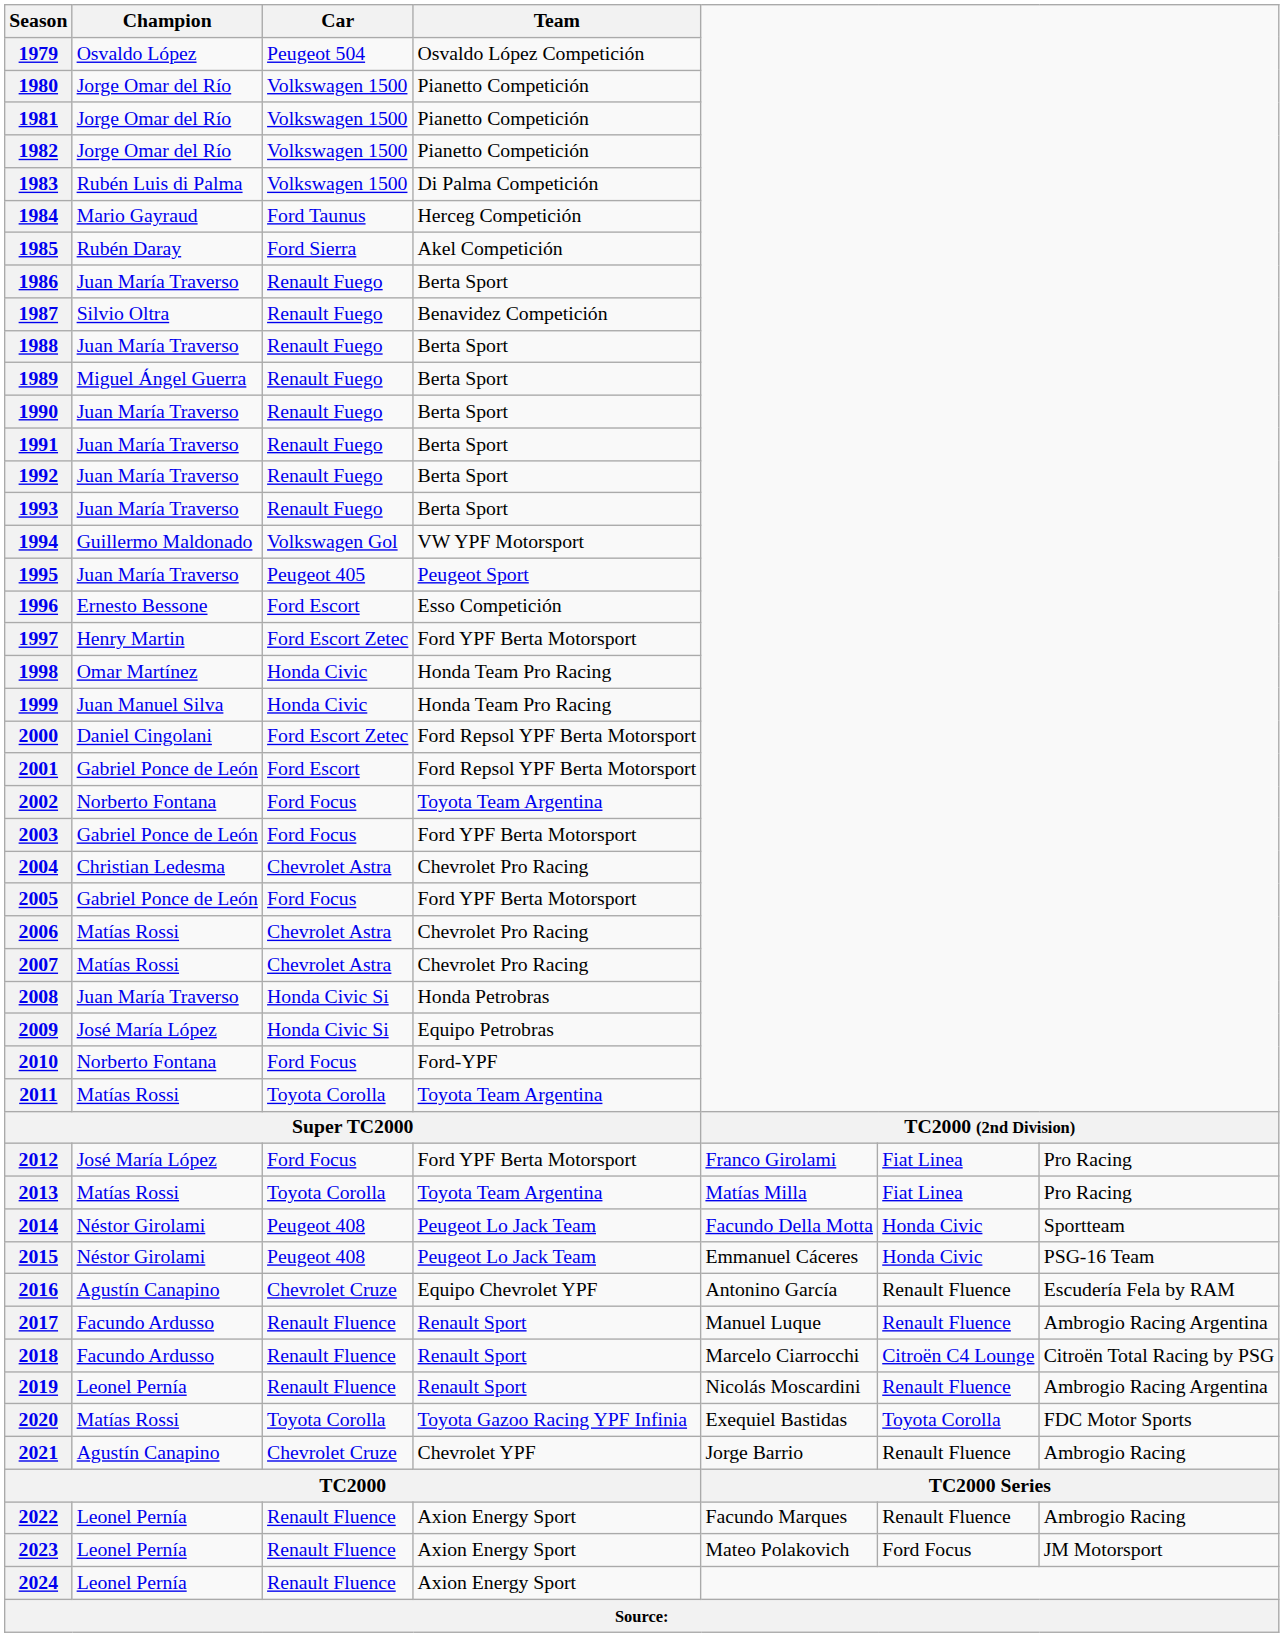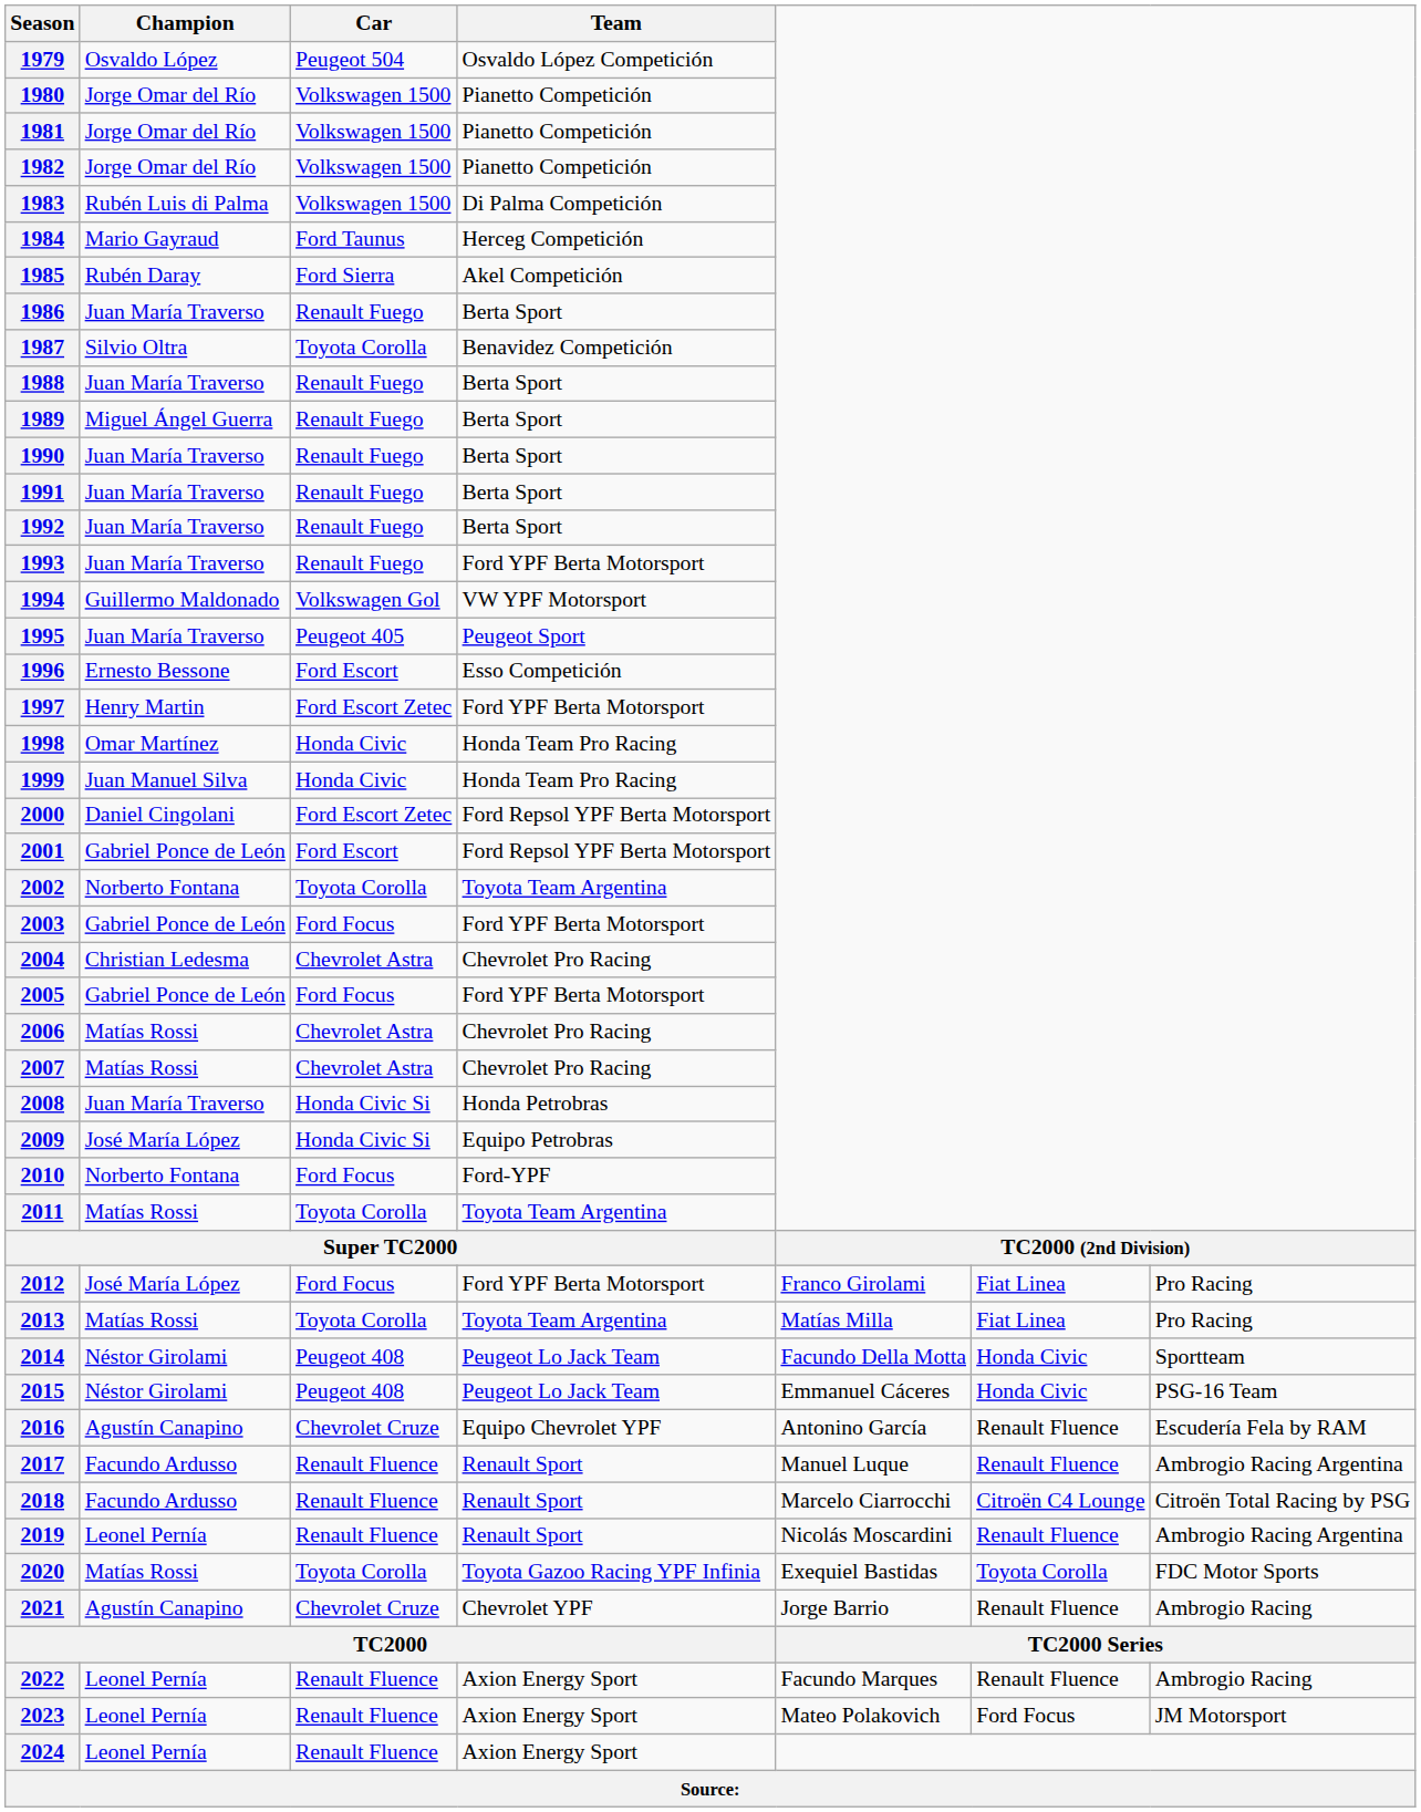 <table class="wikitable" style="font-size:90%">
 <tr>
 <th>Season</th>
 <th>Champion</th>
 <th>Car</th>
 <th>Team</th>
 </tr>
 <tr>
 <th><a href='#'>1979</a></th>
 <td> <a href='#'>Osvaldo López</a></td>
 <td><a href='#'>Peugeot 504</a></td>
 <td>Osvaldo López Competición</td>
 </tr>
 <tr>
 <th><a href='#'>1980</a></th>
 <td> <a href='#'>Jorge Omar del Río</a></td>
 <td><a href='#'>Volkswagen 1500</a></td>
 <td>Pianetto Competición</td>
 </tr>
 <tr>
 <th><a href='#'>1981</a></th>
 <td> <a href='#'>Jorge Omar del Río</a></td>
 <td><a href='#'>Volkswagen 1500</a></td>
 <td>Pianetto Competición</td>
 </tr>
 <tr>
 <th><a href='#'>1982</a></th>
 <td> <a href='#'>Jorge Omar del Río</a></td>
 <td><a href='#'>Volkswagen 1500</a></td>
 <td>Pianetto Competición</td>
 </tr>
 <tr>
 <th><a href='#'>1983</a></th>
 <td> <a href='#'>Rubén Luis di Palma</a></td>
 <td><a href='#'>Volkswagen 1500</a></td>
 <td>Di Palma Competición</td>
 </tr>
 <tr>
 <th><a href='#'>1984</a></th>
 <td> <a href='#'>Mario Gayraud</a></td>
 <td><a href='#'>Ford Taunus</a></td>
 <td>Herceg Competición</td>
 </tr>
 <tr>
 <th><a href='#'>1985</a></th>
 <td> <a href='#'>Rubén Daray</a></td>
 <td><a href='#'>Ford Sierra</a></td>
 <td>Akel Competición</td>
 </tr>
 <tr>
 <th><a href='#'>1986</a></th>
 <td> <a href='#'>Juan María Traverso</a></td>
 <td><a href='#'>Renault Fuego</a></td>
 <td>Berta Sport</td>
 </tr>
 <tr>
 <th><a href='#'>1987</a></th>
 <td> <a href='#'>Silvio Oltra</a></td>
-<td><a href='#'>Renault Fuego</a></td>
+<td><a href='#'>Toyota Corolla</a></td>
 <td>Benavidez Competición</td>
 </tr>
 <tr>
 <th><a href='#'>1988</a></th>
 <td> <a href='#'>Juan María Traverso</a></td>
 <td><a href='#'>Renault Fuego</a></td>
 <td>Berta Sport</td>
 </tr>
 <tr>
 <th><a href='#'>1989</a></th>
 <td> <a href='#'>Miguel Ángel Guerra</a></td>
 <td><a href='#'>Renault Fuego</a></td>
 <td>Berta Sport</td>
 </tr>
 <tr>
 <th><a href='#'>1990</a></th>
 <td> <a href='#'>Juan María Traverso</a></td>
 <td><a href='#'>Renault Fuego</a></td>
 <td>Berta Sport</td>
 </tr>
 <tr>
 <th><a href='#'>1991</a></th>
 <td> <a href='#'>Juan María Traverso</a></td>
 <td><a href='#'>Renault Fuego</a></td>
 <td>Berta Sport</td>
 </tr>
 <tr>
 <th><a href='#'>1992</a></th>
 <td> <a href='#'>Juan María Traverso</a></td>
 <td><a href='#'>Renault Fuego</a></td>
 <td>Berta Sport</td>
 </tr>
 <tr>
 <th><a href='#'>1993</a></th>
 <td> <a href='#'>Juan María Traverso</a></td>
 <td><a href='#'>Renault Fuego</a></td>
-<td>Berta Sport</td>
+<td>Ford YPF Berta Motorsport</td>
 </tr>
 <tr>
 <th><a href='#'>1994</a></th>
 <td> <a href='#'>Guillermo Maldonado</a></td>
 <td><a href='#'>Volkswagen Gol</a></td>
 <td>VW YPF Motorsport</td>
 </tr>
 <tr>
 <th><a href='#'>1995</a></th>
 <td> <a href='#'>Juan María Traverso</a></td>
 <td><a href='#'>Peugeot 405</a></td>
 <td><a href='#'>Peugeot Sport</a></td>
 </tr>
 <tr>
 <th><a href='#'>1996</a></th>
 <td> <a href='#'>Ernesto Bessone</a></td>
 <td><a href='#'>Ford Escort</a></td>
 <td>Esso Competición</td>
 </tr>
 <tr>
 <th><a href='#'>1997</a></th>
 <td> <a href='#'>Henry Martin</a></td>
 <td><a href='#'>Ford Escort Zetec</a></td>
 <td>Ford YPF Berta Motorsport</td>
 </tr>
 <tr>
 <th><a href='#'>1998</a></th>
 <td> <a href='#'>Omar Martínez</a></td>
 <td><a href='#'>Honda Civic</a></td>
 <td>Honda Team Pro Racing</td>
 </tr>
 <tr>
 <th><a href='#'>1999</a></th>
 <td> <a href='#'>Juan Manuel Silva</a></td>
 <td><a href='#'>Honda Civic</a></td>
 <td>Honda Team Pro Racing</td>
 </tr>
 <tr>
 <th><a href='#'>2000</a></th>
 <td> <a href='#'>Daniel Cingolani</a></td>
 <td><a href='#'>Ford Escort Zetec</a></td>
 <td>Ford Repsol YPF Berta Motorsport</td>
 </tr>
 <tr>
 <th><a href='#'>2001</a></th>
 <td> <a href='#'>Gabriel Ponce de León</a></td>
 <td><a href='#'>Ford Escort</a></td>
 <td>Ford Repsol YPF Berta Motorsport</td>
 </tr>
 <tr>
 <th><a href='#'>2002</a></th>
 <td> <a href='#'>Norberto Fontana</a></td>
-<td><a href='#'>Ford Focus</a></td>
+<td><a href='#'>Toyota Corolla</a></td>
 <td><a href='#'>Toyota Team Argentina</a></td>
 </tr>
 <tr>
 <th><a href='#'>2003</a></th>
 <td> <a href='#'>Gabriel Ponce de León</a></td>
 <td><a href='#'>Ford Focus</a></td>
 <td>Ford YPF Berta Motorsport</td>
 </tr>
 <tr>
 <th><a href='#'>2004</a></th>
 <td> <a href='#'>Christian Ledesma</a></td>
 <td><a href='#'>Chevrolet Astra</a></td>
 <td>Chevrolet Pro Racing</td>
 </tr>
 <tr>
 <th><a href='#'>2005</a></th>
 <td> <a href='#'>Gabriel Ponce de León</a></td>
 <td><a href='#'>Ford Focus</a></td>
 <td>Ford YPF Berta Motorsport</td>
 </tr>
 <tr>
 <th><a href='#'>2006</a></th>
 <td> <a href='#'>Matías Rossi</a></td>
 <td><a href='#'>Chevrolet Astra</a></td>
 <td>Chevrolet Pro Racing</td>
 </tr>
 <tr>
 <th><a href='#'>2007</a></th>
 <td> <a href='#'>Matías Rossi</a></td>
 <td><a href='#'>Chevrolet Astra</a></td>
 <td>Chevrolet Pro Racing</td>
 </tr>
 <tr>
 <th><a href='#'>2008</a></th>
 <td> <a href='#'>Juan María Traverso</a></td>
 <td><a href='#'>Honda Civic Si</a></td>
 <td>Honda Petrobras</td>
 </tr>
 <tr>
 <th><a href='#'>2009</a></th>
 <td> <a href='#'>José María López</a></td>
 <td><a href='#'>Honda Civic Si</a></td>
 <td>Equipo Petrobras</td>
 </tr>
 <tr>
 <th><a href='#'>2010</a></th>
 <td> <a href='#'>Norberto Fontana</a></td>
 <td><a href='#'>Ford Focus</a></td>
 <td>Ford-YPF</td>
 </tr>
 <tr>
 <th><a href='#'>2011</a></th>
 <td> <a href='#'>Matías Rossi</a></td>
 <td><a href='#'>Toyota Corolla</a></td>
 <td><a href='#'>Toyota Team Argentina</a></td>
 </tr>
 <tr>
 <th colspan="4">Super TC2000</th>
 <th colspan="3">TC2000 <small>(2nd Division)</small></th>
 </tr>
 <tr>
 <th><a href='#'>2012</a></th>
 <td> <a href='#'>José María López</a></td>
 <td><a href='#'>Ford Focus</a></td>
 <td>Ford YPF Berta Motorsport</td>
 <td> <a href='#'>Franco Girolami</a></td>
 <td><a href='#'>Fiat Linea</a></td>
 <td>Pro Racing</td>
 </tr>
 <tr>
 <th><a href='#'>2013</a></th>
 <td> <a href='#'>Matías Rossi</a></td>
 <td><a href='#'>Toyota Corolla</a></td>
 <td><a href='#'>Toyota Team Argentina</a></td>
 <td> <a href='#'>Matías Milla</a></td>
 <td><a href='#'>Fiat Linea</a></td>
 <td>Pro Racing</td>
 </tr>
 <tr>
 <th><a href='#'>2014</a></th>
 <td> <a href='#'>Néstor Girolami</a></td>
 <td><a href='#'>Peugeot 408</a></td>
 <td><a href='#'>Peugeot Lo Jack Team</a></td>
 <td> <a href='#'>Facundo Della Motta</a></td>
 <td><a href='#'>Honda Civic</a></td>
 <td>Sportteam</td>
 </tr>
 <tr>
 <th><a href='#'>2015</a></th>
 <td> <a href='#'>Néstor Girolami</a></td>
 <td><a href='#'>Peugeot 408</a></td>
 <td><a href='#'>Peugeot Lo Jack Team</a></td>
 <td> Emmanuel Cáceres</td>
 <td><a href='#'>Honda Civic</a></td>
 <td>PSG-16 Team</td>
 </tr>
 <tr>
 <th><a href='#'>2016</a></th>
 <td> <a href='#'>Agustín Canapino</a></td>
 <td><a href='#'>Chevrolet Cruze</a></td>
 <td>Equipo Chevrolet YPF</td>
 <td> Antonino García</td>
 <td>Renault Fluence</td>
 <td>Escudería Fela by RAM</td>
 </tr>
 <tr>
 <th><a href='#'>2017</a></th>
 <td> <a href='#'>Facundo Ardusso</a></td>
 <td><a href='#'>Renault Fluence</a></td>
 <td><a href='#'>Renault Sport</a></td>
 <td> Manuel Luque</td>
 <td><a href='#'>Renault Fluence</a></td>
 <td>Ambrogio Racing Argentina</td>
 </tr>
 <tr>
 <th><a href='#'>2018</a></th>
 <td> <a href='#'>Facundo Ardusso</a></td>
 <td><a href='#'>Renault Fluence</a></td>
 <td><a href='#'>Renault Sport</a></td>
 <td> Marcelo Ciarrocchi</td>
 <td><a href='#'>Citroën C4 Lounge</a></td>
 <td>Citroën Total Racing by PSG</td>
 </tr>
 <tr>
 <th><a href='#'>2019</a></th>
 <td> <a href='#'>Leonel Pernía</a></td>
 <td><a href='#'>Renault Fluence</a></td>
 <td><a href='#'>Renault Sport</a></td>
 <td> Nicolás Moscardini</td>
 <td><a href='#'>Renault Fluence</a></td>
 <td>Ambrogio Racing Argentina</td>
 </tr>
 <tr>
 <th><a href='#'>2020</a></th>
 <td> <a href='#'>Matías Rossi</a></td>
 <td><a href='#'>Toyota Corolla</a></td>
 <td><a href='#'>Toyota Gazoo Racing YPF Infinia</a></td>
 <td> Exequiel Bastidas</td>
 <td><a href='#'>Toyota Corolla</a></td>
 <td>FDC Motor Sports</td>
 </tr>
 <tr>
 <th><a href='#'>2021</a></th>
 <td> <a href='#'>Agustín Canapino</a></td>
 <td><a href='#'>Chevrolet Cruze</a></td>
 <td>Chevrolet YPF</td>
 <td> Jorge Barrio</td>
 <td>Renault Fluence</td>
 <td>Ambrogio Racing</td>
 </tr>
 <tr>
 <th colspan="4">TC2000</th>
 <th colspan="3">TC2000 Series</th>
 </tr>
 <tr>
 <th><a href='#'>2022</a></th>
 <td> <a href='#'>Leonel Pernía</a></td>
 <td><a href='#'>Renault Fluence</a></td>
 <td>Axion Energy Sport</td>
 <td> Facundo Marques</td>
 <td>Renault Fluence</td>
 <td>Ambrogio Racing</td>
 </tr>
 <tr>
 <th><a href='#'>2023</a></th>
 <td> <a href='#'>Leonel Pernía</a></td>
 <td><a href='#'>Renault Fluence</a></td>
 <td>Axion Energy Sport</td>
 <td> Mateo Polakovich</td>
 <td>Ford Focus</td>
 <td>JM Motorsport</td>
 </tr>
 <tr>
 <th><a href='#'>2024</a></th>
 <td> <a href='#'>Leonel Pernía</a></td>
 <td><a href='#'>Renault Fluence</a></td>
 <td>Axion Energy Sport</td>
 </tr>
 <tr>
 <th colspan="7"><small>Source:</small></th>
 </tr>
 </table>
